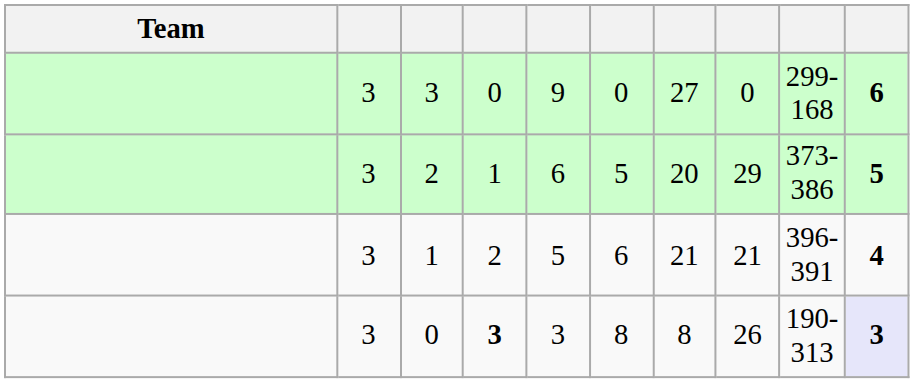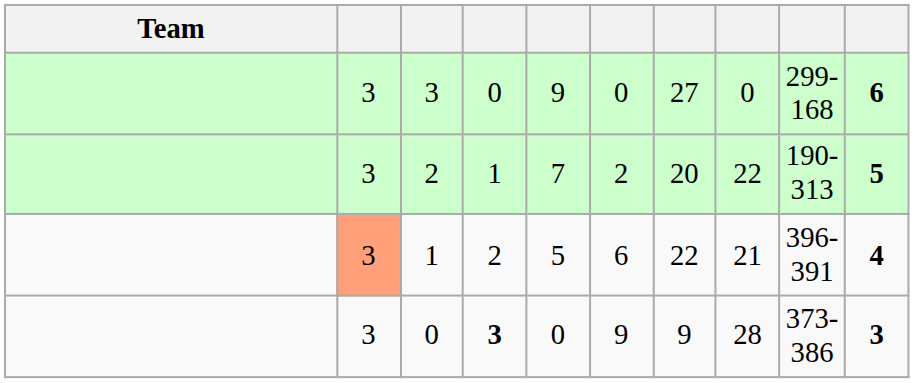 <table class="wikitable" style="text-align: center; font-size:90% ">
 <tr>
 <th width=160>Team</th>
 <th width=25></th>
 <th width=25></th>
 <th width=25></th>
 <th width=25></th>
 <th width=25></th>
 <th width=25></th>
 <th width=25></th>
 <th width=25></th>
 <th width=25></th>
 </tr>
 <tr bgcolor="ccffcc">
 <td align=left></td>
 <td>3</td>
 <td>3</td>
 <td>0</td>
 <td>9</td>
 <td>0</td>
 <td>27</td>
 <td>0</td>
 <td>299-168</td>
 <td><strong>6</strong></td>
 </tr>
 <tr bgcolor="ccffcc">
 <td align=left></td>
 <td>3</td>
 <td>2</td>
 <td>1</td>
-<td>6</td>
-<td>5</td>
+<td>7</td>
+<td>2</td>
 <td>20</td>
-<td>29</td>
-<td>373-386</td>
+<td>22</td>
+<td>190-313</td>
 <td><strong>5</strong></td>
 </tr>
 <tr>
 <td align=left></td>
-<td>3</td>
+<td style="background: lightsalmon;">3</td>
 <td>1</td>
 <td>2</td>
 <td>5</td>
 <td>6</td>
-<td>21</td>
+<td>22</td>
 <td>21</td>
 <td>396-391</td>
 <td><strong>4</strong></td>
 </tr>
 <tr>
 <td align=left></td>
 <td>3</td>
 <td>0</td>
 <td><strong>3</strong></td>
-<td>3</td>
-<td>8</td>
-<td>8</td>
-<td>26</td>
-<td>190-313</td>
-<td style="background: lavender;"><strong>3</strong></td>
+<td>0</td>
+<td>9</td>
+<td>9</td>
+<td>28</td>
+<td>373-386</td>
+<td><strong>3</strong></td>
 </tr>
 </table>
